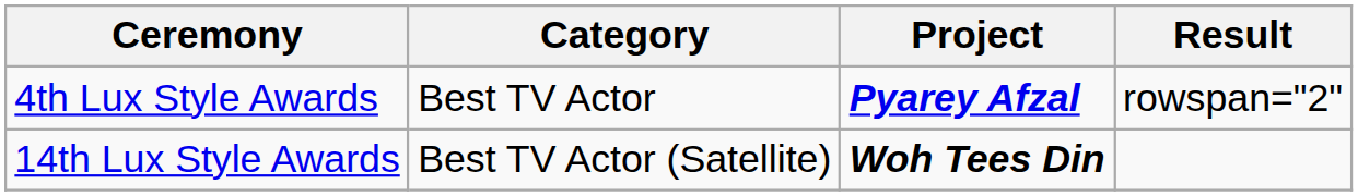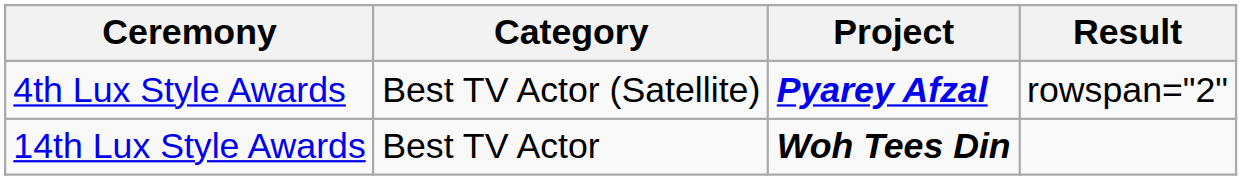 <table class="wikitable style">
 <tr>
 <th>Ceremony</th>
 <th>Category</th>
 <th>Project</th>
 <th>Result</th>
 </tr>
 <tr>
 <td><a href='#'>4th Lux Style Awards</a></td>
-<td>Best TV Actor</td>
+<td>Best TV Actor (Satellite)</td>
 <td><strong><em><a href='#'>Pyarey Afzal</a></em></strong></td>
 <td>rowspan="2" </td>
 </tr>
 <tr>
 <td><a href='#'>14th Lux Style Awards</a></td>
-<td>Best TV Actor (Satellite)</td>
+<td>Best TV Actor</td>
 <td><strong><em>Woh Tees Din</em></strong></td>
 </tr>
 </table>
